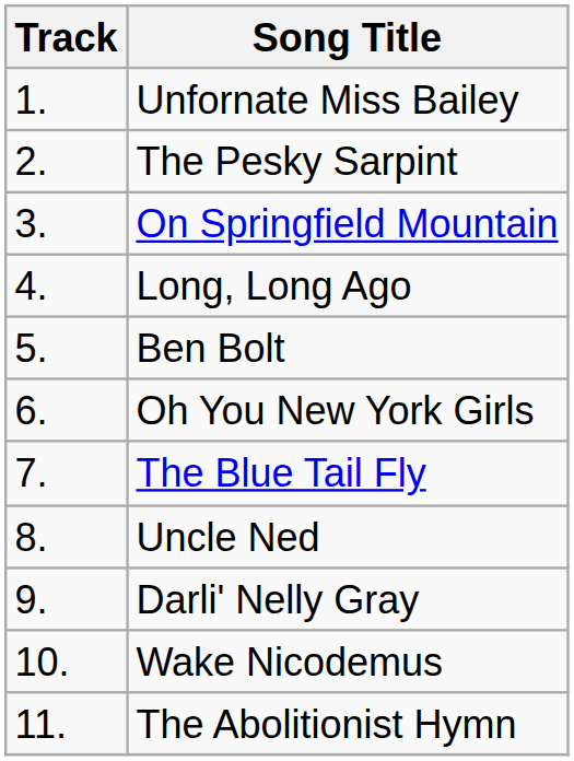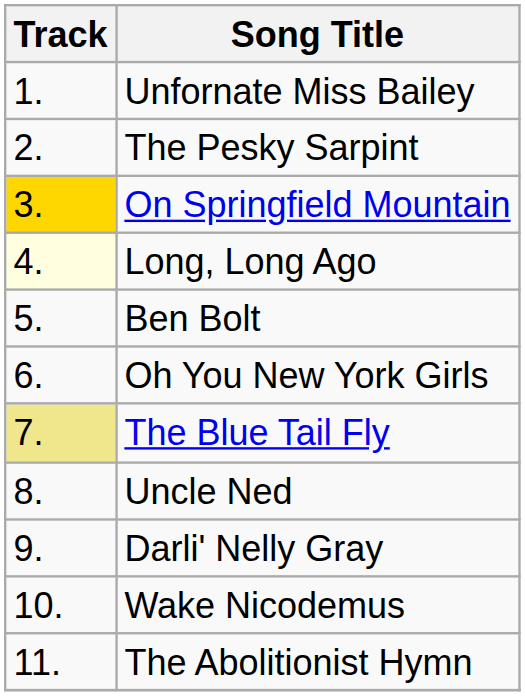 <table class="wikitable" style="font-size:95%;">
 <tr>
 <th>Track</th>
 <th>Song Title</th>
 </tr>
 <tr>
 <td>1.</td>
 <td>Unfornate Miss Bailey</td>
 </tr>
 <tr>
 <td>2.</td>
 <td>The Pesky Sarpint</td>
 </tr>
 <tr>
-<td>3.</td>
+<td style="background: gold;">3.</td>
 <td><a href='#'>On Springfield Mountain</a></td>
 </tr>
 <tr>
-<td>4.</td>
+<td style="background: lightyellow;">4.</td>
 <td>Long, Long Ago</td>
 </tr>
 <tr>
 <td>5.</td>
 <td>Ben Bolt</td>
 </tr>
 <tr>
 <td>6.</td>
 <td>Oh You New York Girls</td>
 </tr>
 <tr>
-<td>7.</td>
+<td style="background: khaki;">7.</td>
 <td><a href='#'>The Blue Tail Fly</a></td>
 </tr>
 <tr>
 <td>8.</td>
 <td>Uncle Ned</td>
 </tr>
 <tr>
 <td>9.</td>
 <td>Darli' Nelly Gray</td>
 </tr>
 <tr>
 <td>10.</td>
 <td>Wake Nicodemus</td>
 </tr>
 <tr>
 <td>11.</td>
 <td>The Abolitionist Hymn</td>
 </tr>
 <tr>
 </tr>
 </table>
